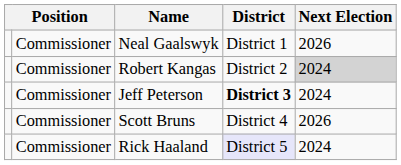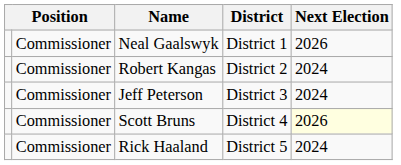 <table class="wikitable">
 <tr>
 <th colspan="2">Position</th>
 <th>Name</th>
 <th>District</th>
 <th>Next Election</th>
 </tr>
 <tr>
 <td></td>
 <td>Commissioner</td>
 <td>Neal Gaalswyk</td>
 <td>District 1</td>
 <td>2026</td>
 </tr>
 <tr>
 <td></td>
 <td>Commissioner</td>
 <td>Robert Kangas</td>
 <td>District 2</td>
-<td style="background: lightgrey;">2024</td>
+<td>2024</td>
 </tr>
 <tr>
 <td></td>
 <td>Commissioner</td>
 <td>Jeff Peterson</td>
-<td><strong>District 3</strong></td>
+<td>District 3</td>
 <td>2024</td>
 </tr>
 <tr>
 <td></td>
 <td>Commissioner</td>
 <td>Scott Bruns</td>
 <td>District 4</td>
-<td>2026</td>
+<td style="background: lightyellow;">2026</td>
 </tr>
 <tr>
 <td></td>
 <td>Commissioner</td>
 <td>Rick Haaland</td>
-<td style="background: lavender;">District 5</td>
+<td>District 5</td>
 <td>2024</td>
 </tr>
 </table>
